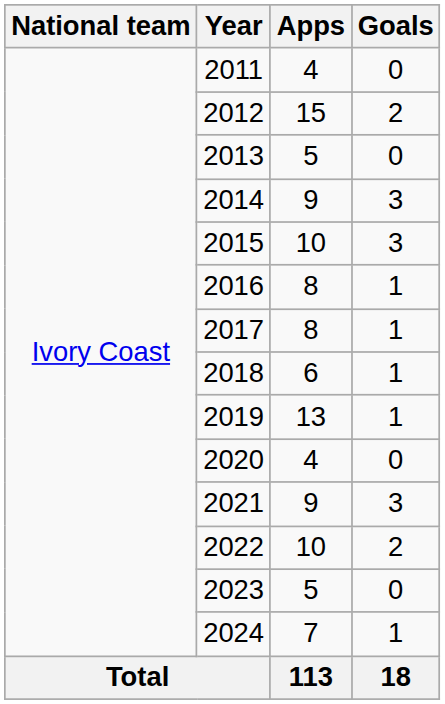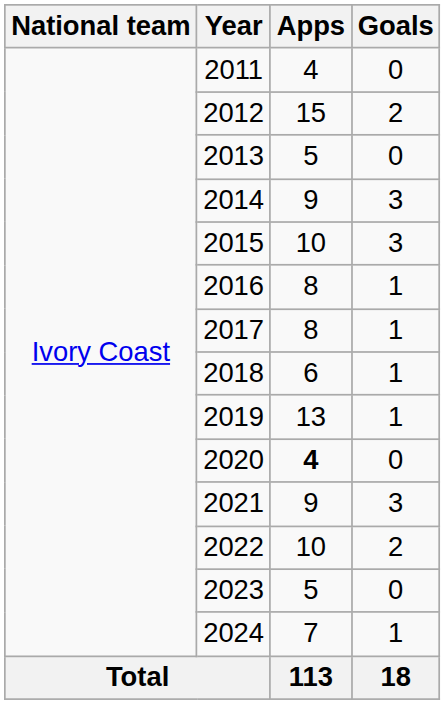 <table class="wikitable" style="text-align:center">
 <tr>
 <th>National team</th>
 <th>Year</th>
 <th>Apps</th>
 <th>Goals</th>
 </tr>
 <tr>
 <td rowspan="14"><a href='#'>Ivory Coast</a></td>
 <td>2011</td>
 <td>4</td>
 <td>0</td>
 </tr>
 <tr>
 <td>2012</td>
 <td>15</td>
 <td>2</td>
 </tr>
 <tr>
 <td>2013</td>
 <td>5</td>
 <td>0</td>
 </tr>
 <tr>
 <td>2014</td>
 <td>9</td>
 <td>3</td>
 </tr>
 <tr>
 <td>2015</td>
 <td>10</td>
 <td>3</td>
 </tr>
 <tr>
 <td>2016</td>
 <td>8</td>
 <td>1</td>
 </tr>
 <tr>
 <td>2017</td>
 <td>8</td>
 <td>1</td>
 </tr>
 <tr>
 <td>2018</td>
 <td>6</td>
 <td>1</td>
 </tr>
 <tr>
 <td>2019</td>
 <td>13</td>
 <td>1</td>
 </tr>
 <tr>
 <td>2020</td>
-<td>4</td>
+<td><strong>4</strong></td>
 <td>0</td>
 </tr>
 <tr>
 <td>2021</td>
 <td>9</td>
 <td>3</td>
 </tr>
 <tr>
 <td>2022</td>
 <td>10</td>
 <td>2</td>
 </tr>
 <tr>
 <td>2023</td>
 <td>5</td>
 <td>0</td>
 </tr>
 <tr>
 <td>2024</td>
 <td>7</td>
 <td>1</td>
 </tr>
 <tr>
 <th colspan="2">Total</th>
 <th>113</th>
 <th>18</th>
 </tr>
 </table>
